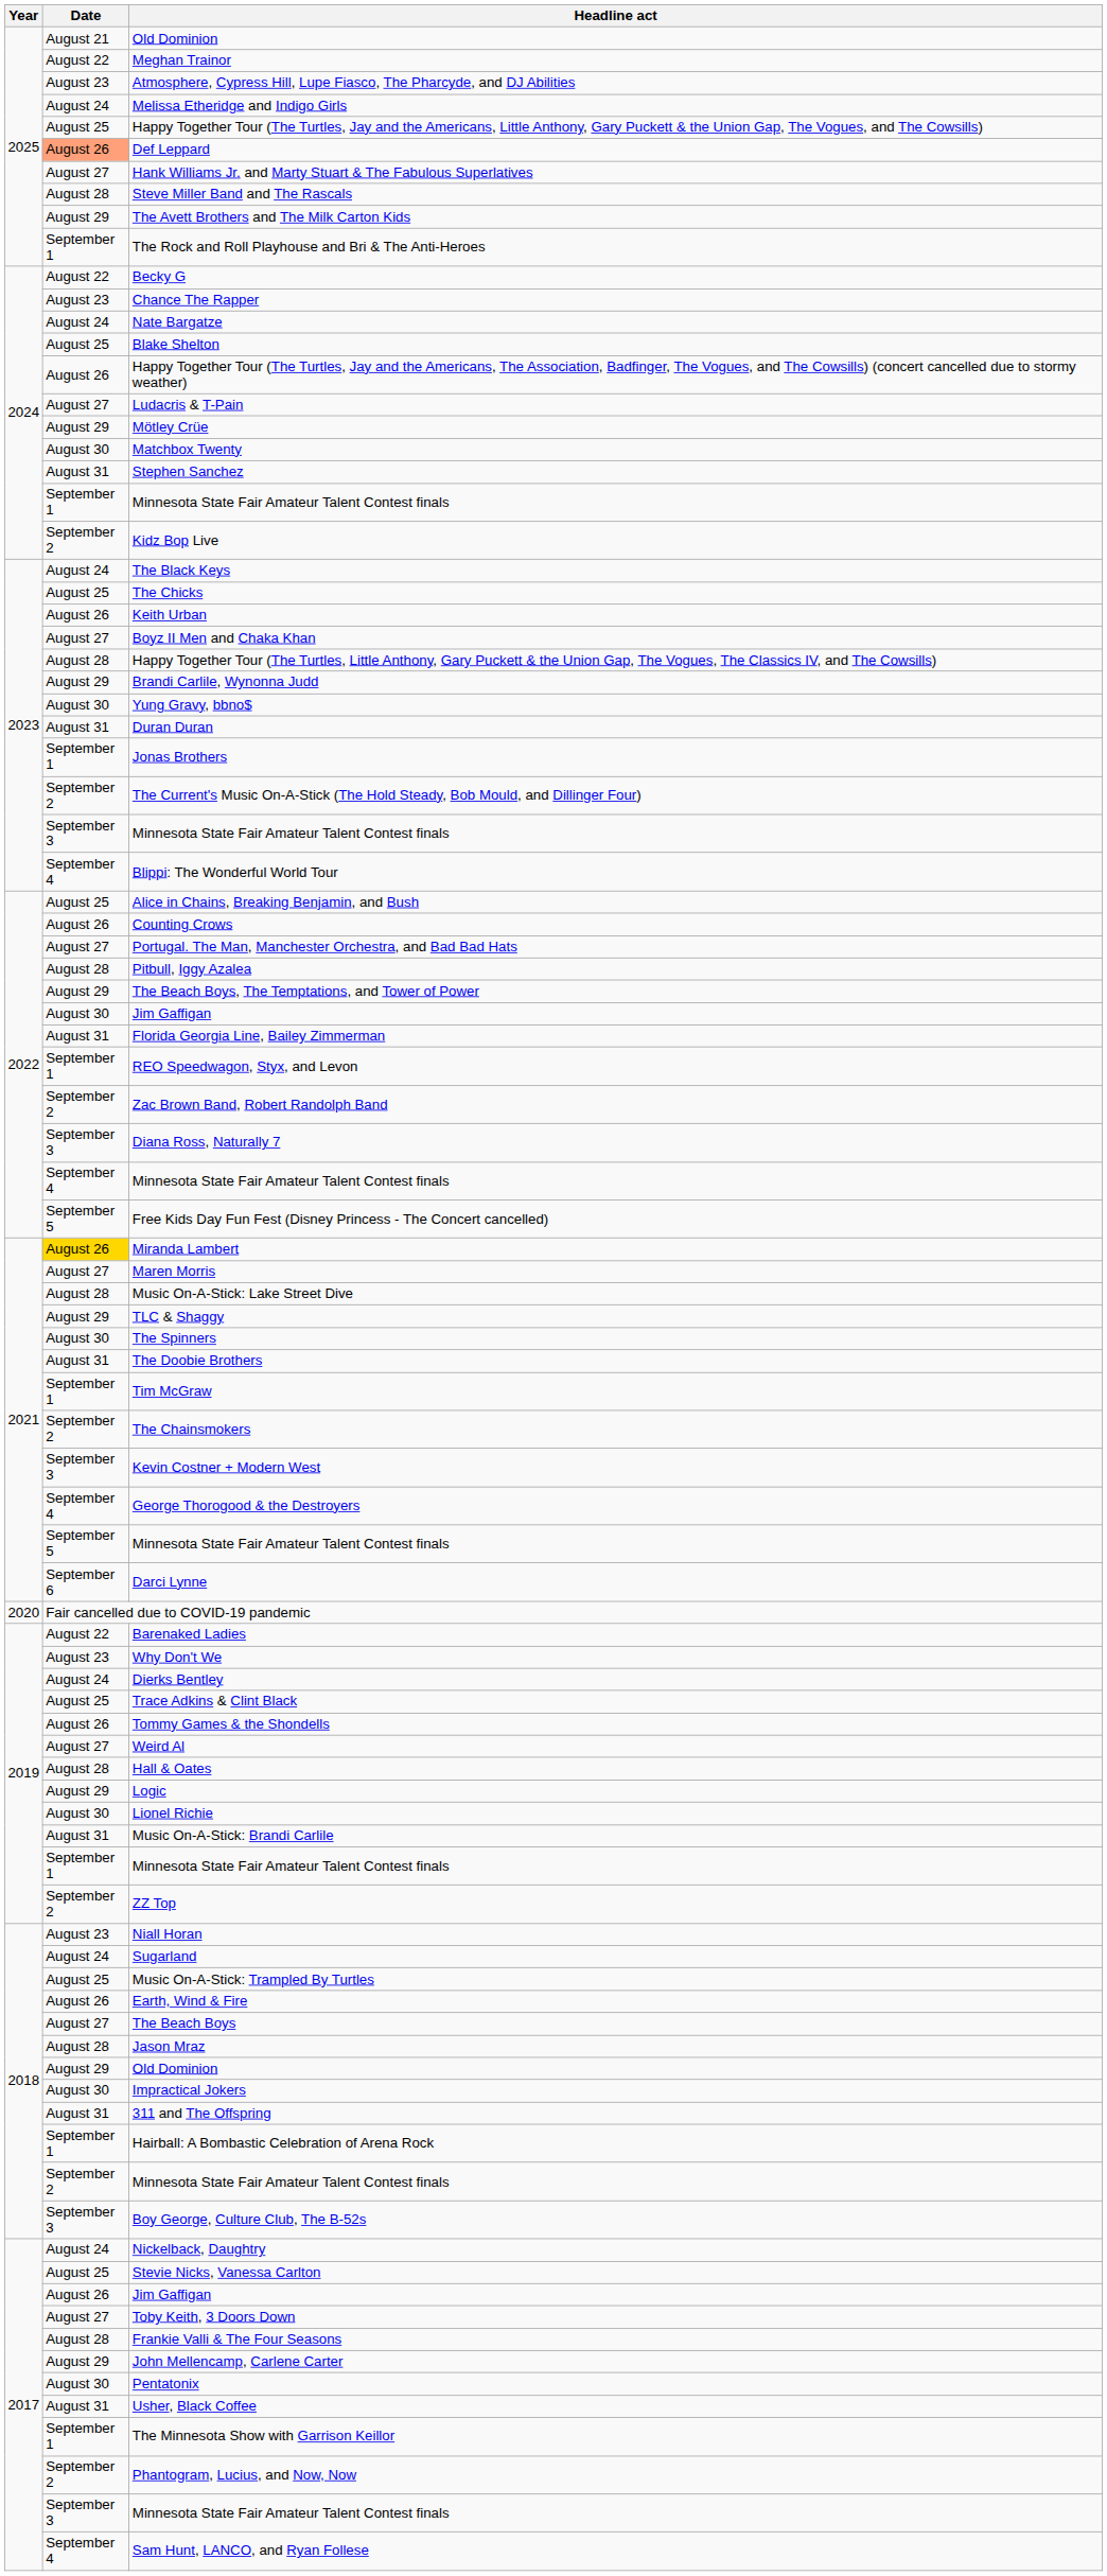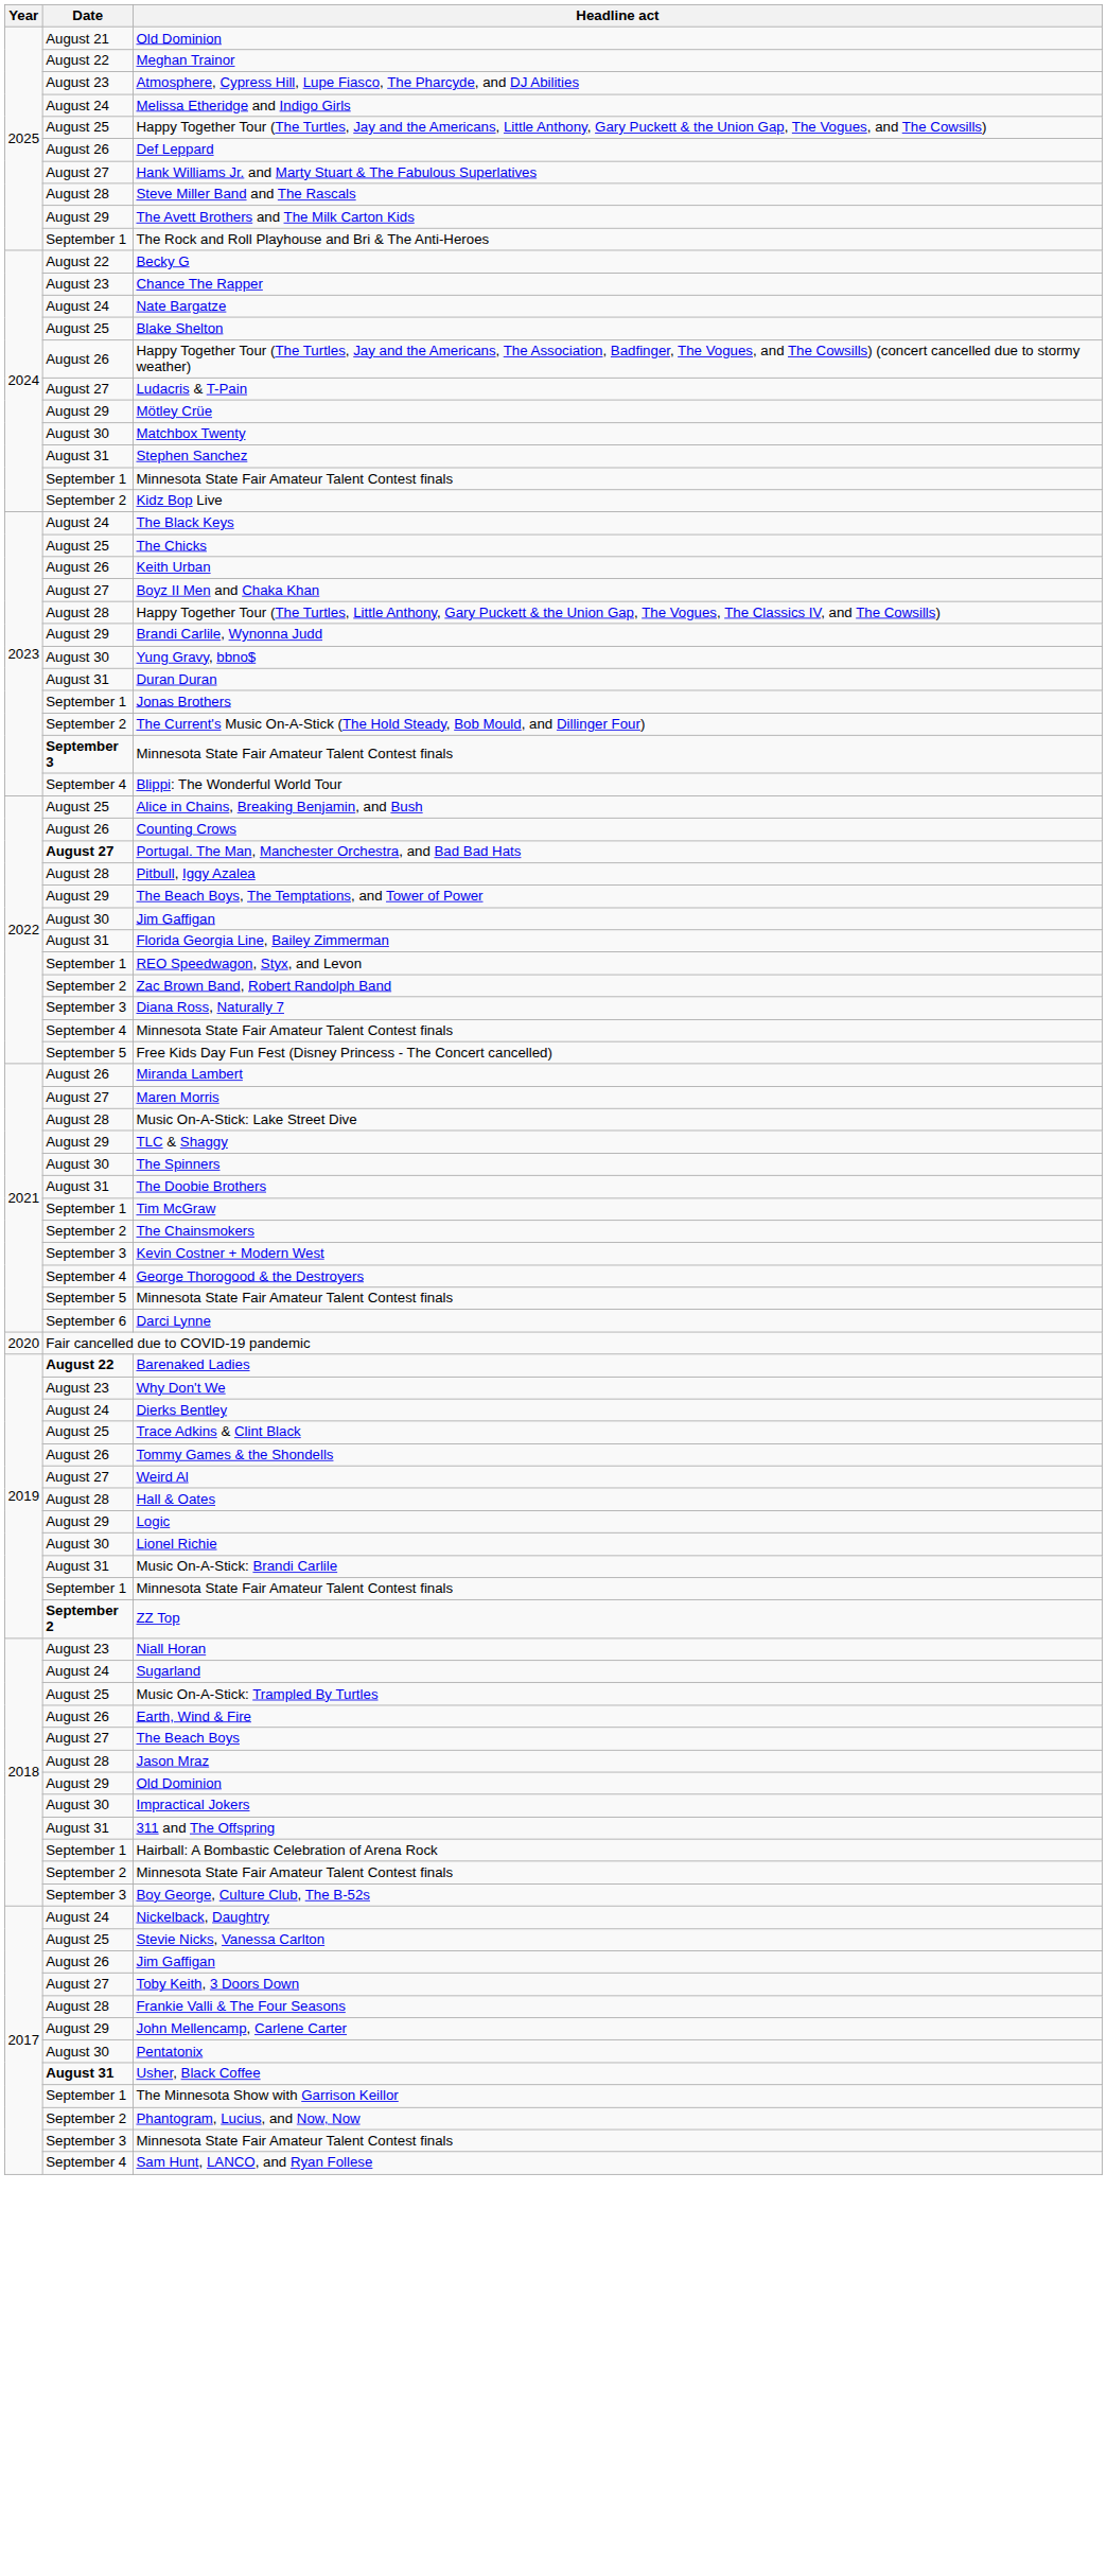 <table class="wikitable sortable">
 <tr>
 <th>Year</th>
 <th>Date</th>
 <th>Headline act</th>
 </tr>
 <tr>
 <td rowspan="10">2025</td>
 <td>August 21</td>
 <td><a href='#'>Old Dominion</a></td>
 </tr>
 <tr>
 <td>August 22</td>
 <td><a href='#'>Meghan Trainor</a></td>
 </tr>
 <tr>
 <td>August 23</td>
 <td><a href='#'>Atmosphere</a>, <a href='#'>Cypress Hill</a>, <a href='#'>Lupe Fiasco</a>, <a href='#'>The Pharcyde</a>, and <a href='#'>DJ Abilities</a></td>
 </tr>
 <tr>
 <td>August 24</td>
 <td><a href='#'>Melissa Etheridge</a> and <a href='#'>Indigo Girls</a></td>
 </tr>
 <tr>
 <td>August 25</td>
 <td>Happy Together Tour (<a href='#'>The Turtles</a>, <a href='#'>Jay and the Americans</a>, <a href='#'>Little Anthony</a>, <a href='#'>Gary Puckett & the Union Gap</a>, <a href='#'>The Vogues</a>, and <a href='#'>The Cowsills</a>)</td>
 </tr>
 <tr>
-<td style="background: lightsalmon;">August 26</td>
+<td>August 26</td>
 <td><a href='#'>Def Leppard</a></td>
 </tr>
 <tr>
 <td>August 27</td>
 <td><a href='#'>Hank Williams Jr.</a> and <a href='#'>Marty Stuart & The Fabulous Superlatives</a></td>
 </tr>
 <tr>
 <td>August 28</td>
 <td><a href='#'>Steve Miller Band</a> and <a href='#'>The Rascals</a></td>
 </tr>
 <tr>
 <td>August 29</td>
 <td><a href='#'>The Avett Brothers</a> and <a href='#'>The Milk Carton Kids</a></td>
 </tr>
 <tr>
 <td>September 1</td>
 <td>The Rock and Roll Playhouse and Bri & The Anti-Heroes</td>
 </tr>
 <tr>
 <td rowspan="11">2024</td>
 <td>August 22</td>
 <td><a href='#'>Becky G</a></td>
 </tr>
 <tr>
 <td>August 23</td>
 <td><a href='#'>Chance The Rapper</a></td>
 </tr>
 <tr>
 <td>August 24</td>
 <td><a href='#'>Nate Bargatze</a></td>
 </tr>
 <tr>
 <td>August 25</td>
 <td><a href='#'>Blake Shelton</a></td>
 </tr>
 <tr>
 <td>August 26</td>
 <td>Happy Together Tour (<a href='#'>The Turtles</a>, <a href='#'>Jay and the Americans</a>, <a href='#'>The Association</a>, <a href='#'>Badfinger</a>, <a href='#'>The Vogues</a>, and <a href='#'>The Cowsills</a>) (concert cancelled due to stormy weather)</td>
 </tr>
 <tr>
 <td>August 27</td>
 <td><a href='#'>Ludacris</a> & <a href='#'>T-Pain</a></td>
 </tr>
 <tr>
 <td>August 29</td>
 <td><a href='#'>Mötley Crüe</a></td>
 </tr>
 <tr>
 <td>August 30</td>
 <td><a href='#'>Matchbox Twenty</a></td>
 </tr>
 <tr>
 <td>August 31</td>
 <td><a href='#'>Stephen Sanchez</a></td>
 </tr>
 <tr>
 <td>September 1</td>
 <td>Minnesota State Fair Amateur Talent Contest finals</td>
 </tr>
 <tr>
 <td>September 2</td>
 <td><a href='#'>Kidz Bop</a> Live</td>
 </tr>
 <tr>
 <td rowspan="12">2023</td>
 <td>August 24</td>
 <td><a href='#'>The Black Keys</a></td>
 </tr>
 <tr>
 <td>August 25</td>
 <td><a href='#'>The Chicks</a></td>
 </tr>
 <tr>
 <td>August 26</td>
 <td><a href='#'>Keith Urban</a></td>
 </tr>
 <tr>
 <td>August 27</td>
 <td><a href='#'>Boyz II Men</a> and <a href='#'>Chaka Khan</a></td>
 </tr>
 <tr>
 <td>August 28</td>
 <td>Happy Together Tour (<a href='#'>The Turtles</a>, <a href='#'>Little Anthony</a>, <a href='#'>Gary Puckett & the Union Gap</a>, <a href='#'>The Vogues</a>, <a href='#'>The Classics IV</a>, and <a href='#'>The Cowsills</a>)</td>
 </tr>
 <tr>
 <td>August 29</td>
 <td><a href='#'>Brandi Carlile</a>, <a href='#'>Wynonna Judd</a></td>
 </tr>
 <tr>
 <td>August 30</td>
 <td><a href='#'>Yung Gravy</a>, <a href='#'>bbno$</a></td>
 </tr>
 <tr>
 <td>August 31</td>
 <td><a href='#'>Duran Duran</a></td>
 </tr>
 <tr>
 <td>September 1</td>
 <td><a href='#'>Jonas Brothers</a></td>
 </tr>
 <tr>
 <td>September 2</td>
 <td><a href='#'>The Current's</a> Music On-A-Stick (<a href='#'>The Hold Steady</a>, <a href='#'>Bob Mould</a>, and <a href='#'>Dillinger Four</a>)</td>
 </tr>
 <tr>
-<td>September 3</td>
+<td><strong>September 3</strong></td>
 <td>Minnesota State Fair Amateur Talent Contest finals</td>
 </tr>
 <tr>
 <td>September 4</td>
 <td><a href='#'>Blippi</a>: The Wonderful World Tour</td>
 </tr>
 <tr>
 <td rowspan="12">2022</td>
 <td>August 25</td>
 <td><a href='#'>Alice in Chains</a>, <a href='#'>Breaking Benjamin</a>, and <a href='#'>Bush</a></td>
 </tr>
 <tr>
 <td>August 26</td>
 <td><a href='#'>Counting Crows</a></td>
 </tr>
 <tr>
-<td>August 27</td>
+<td><strong>August 27</strong></td>
 <td><a href='#'>Portugal. The Man</a>, <a href='#'>Manchester Orchestra</a>, and <a href='#'>Bad Bad Hats</a></td>
 </tr>
 <tr>
 <td>August 28</td>
 <td><a href='#'>Pitbull</a>, <a href='#'>Iggy Azalea</a></td>
 </tr>
 <tr>
 <td>August 29</td>
 <td><a href='#'>The Beach Boys</a>, <a href='#'>The Temptations</a>, and <a href='#'>Tower of Power</a></td>
 </tr>
 <tr>
 <td>August 30</td>
 <td><a href='#'>Jim Gaffigan</a></td>
 </tr>
 <tr>
 <td>August 31</td>
 <td><a href='#'>Florida Georgia Line</a>, <a href='#'>Bailey Zimmerman</a></td>
 </tr>
 <tr>
 <td>September 1</td>
 <td><a href='#'>REO Speedwagon</a>, <a href='#'>Styx</a>, and Levon</td>
 </tr>
 <tr>
 <td>September 2</td>
 <td><a href='#'>Zac Brown Band</a>, <a href='#'>Robert Randolph Band</a></td>
 </tr>
 <tr>
 <td>September 3</td>
 <td><a href='#'>Diana Ross</a>, <a href='#'>Naturally 7</a></td>
 </tr>
 <tr>
 <td>September 4</td>
 <td>Minnesota State Fair Amateur Talent Contest finals</td>
 </tr>
 <tr>
 <td>September 5</td>
 <td>Free Kids Day Fun Fest (Disney Princess - The Concert cancelled)</td>
 </tr>
 <tr>
 <td rowspan="12">2021</td>
-<td style="background: gold;">August 26</td>
+<td>August 26</td>
 <td><a href='#'>Miranda Lambert</a></td>
 </tr>
 <tr>
 <td>August 27</td>
 <td><a href='#'>Maren Morris</a></td>
 </tr>
 <tr>
 <td>August 28</td>
 <td>Music On-A-Stick: Lake Street Dive</td>
 </tr>
 <tr>
 <td>August 29</td>
 <td><a href='#'>TLC</a> & <a href='#'>Shaggy</a></td>
 </tr>
 <tr>
 <td>August 30</td>
 <td><a href='#'>The Spinners</a></td>
 </tr>
 <tr>
 <td>August 31</td>
 <td><a href='#'>The Doobie Brothers</a></td>
 </tr>
 <tr>
 <td>September 1</td>
 <td><a href='#'>Tim McGraw</a></td>
 </tr>
 <tr>
 <td>September 2</td>
 <td><a href='#'>The Chainsmokers</a></td>
 </tr>
 <tr>
 <td>September 3</td>
 <td><a href='#'>Kevin Costner + Modern West</a></td>
 </tr>
 <tr>
 <td>September 4</td>
 <td><a href='#'>George Thorogood & the Destroyers</a></td>
 </tr>
 <tr>
 <td>September 5</td>
 <td>Minnesota State Fair Amateur Talent Contest finals</td>
 </tr>
 <tr>
 <td>September 6</td>
 <td><a href='#'>Darci Lynne</a></td>
 </tr>
 <tr>
 <td>2020</td>
 <td colspan="2">Fair cancelled due to COVID-19 pandemic</td>
 </tr>
 <tr>
 <td rowspan="12">2019</td>
-<td>August 22</td>
+<td><strong>August 22</strong></td>
 <td><a href='#'>Barenaked Ladies</a></td>
 </tr>
 <tr>
 <td>August 23</td>
 <td><a href='#'>Why Don't We</a></td>
 </tr>
 <tr>
 <td>August 24</td>
 <td><a href='#'>Dierks Bentley</a></td>
 </tr>
 <tr>
 <td>August 25</td>
 <td><a href='#'>Trace Adkins</a> & <a href='#'>Clint Black</a></td>
 </tr>
 <tr>
 <td>August 26</td>
 <td><a href='#'>Tommy Games & the Shondells</a></td>
 </tr>
 <tr>
 <td>August 27</td>
 <td><a href='#'>Weird Al</a></td>
 </tr>
 <tr>
 <td>August 28</td>
 <td><a href='#'>Hall & Oates</a></td>
 </tr>
 <tr>
 <td>August 29</td>
 <td><a href='#'>Logic</a></td>
 </tr>
 <tr>
 <td>August 30</td>
 <td><a href='#'>Lionel Richie</a></td>
 </tr>
 <tr>
 <td>August 31</td>
 <td>Music On-A-Stick: <a href='#'>Brandi Carlile</a></td>
 </tr>
 <tr>
 <td>September 1</td>
 <td>Minnesota State Fair Amateur Talent Contest finals</td>
 </tr>
 <tr>
-<td>September 2</td>
+<td><strong>September 2</strong></td>
 <td><a href='#'>ZZ Top</a></td>
 </tr>
 <tr>
 <td rowspan="12">2018</td>
 <td>August 23</td>
 <td><a href='#'>Niall Horan</a></td>
 </tr>
 <tr>
 <td>August 24</td>
 <td><a href='#'>Sugarland</a></td>
 </tr>
 <tr>
 <td>August 25</td>
 <td>Music On-A-Stick: <a href='#'>Trampled By Turtles</a></td>
 </tr>
 <tr>
 <td>August 26</td>
 <td><a href='#'>Earth, Wind & Fire</a></td>
 </tr>
 <tr>
 <td>August 27</td>
 <td><a href='#'>The Beach Boys</a></td>
 </tr>
 <tr>
 <td>August 28</td>
 <td><a href='#'>Jason Mraz</a></td>
 </tr>
 <tr>
 <td>August 29</td>
 <td><a href='#'>Old Dominion</a></td>
 </tr>
 <tr>
 <td>August 30</td>
 <td><a href='#'>Impractical Jokers</a></td>
 </tr>
 <tr>
 <td>August 31</td>
 <td><a href='#'>311</a> and <a href='#'>The Offspring</a></td>
 </tr>
 <tr>
 <td>September 1</td>
 <td>Hairball: A Bombastic Celebration of Arena Rock</td>
 </tr>
 <tr>
 <td>September 2</td>
 <td>Minnesota State Fair Amateur Talent Contest finals</td>
 </tr>
 <tr>
 <td>September 3</td>
 <td><a href='#'>Boy George</a>, <a href='#'>Culture Club</a>, <a href='#'>The B-52s</a></td>
 </tr>
 <tr>
 <td rowspan="12">2017</td>
 <td>August 24</td>
 <td><a href='#'>Nickelback</a>, <a href='#'>Daughtry</a></td>
 </tr>
 <tr>
 <td>August 25</td>
 <td><a href='#'>Stevie Nicks</a>, <a href='#'>Vanessa Carlton</a></td>
 </tr>
 <tr>
 <td>August 26</td>
 <td><a href='#'>Jim Gaffigan</a></td>
 </tr>
 <tr>
 <td>August 27</td>
 <td><a href='#'>Toby Keith</a>, <a href='#'>3 Doors Down</a></td>
 </tr>
 <tr>
 <td>August 28</td>
 <td><a href='#'>Frankie Valli & The Four Seasons</a></td>
 </tr>
 <tr>
 <td>August 29</td>
 <td><a href='#'>John Mellencamp</a>, <a href='#'>Carlene Carter</a></td>
 </tr>
 <tr>
 <td>August 30</td>
 <td><a href='#'>Pentatonix</a></td>
 </tr>
 <tr>
-<td>August 31</td>
+<td><strong>August 31</strong></td>
 <td><a href='#'>Usher</a>, <a href='#'>Black Coffee</a></td>
 </tr>
 <tr>
 <td>September 1</td>
 <td>The Minnesota Show with <a href='#'>Garrison Keillor</a></td>
 </tr>
 <tr>
 <td>September 2</td>
 <td><a href='#'>Phantogram</a>, <a href='#'>Lucius</a>, and <a href='#'>Now, Now</a></td>
 </tr>
 <tr>
 <td>September 3</td>
 <td>Minnesota State Fair Amateur Talent Contest finals</td>
 </tr>
 <tr>
 <td>September 4</td>
 <td><a href='#'>Sam Hunt</a>, <a href='#'>LANCO</a>, and <a href='#'>Ryan Follese</a></td>
 </tr>
 </table>
